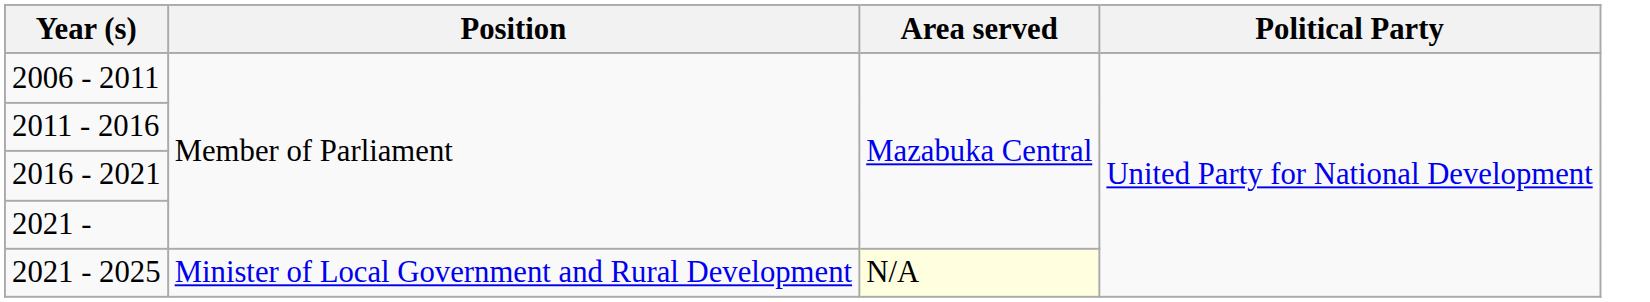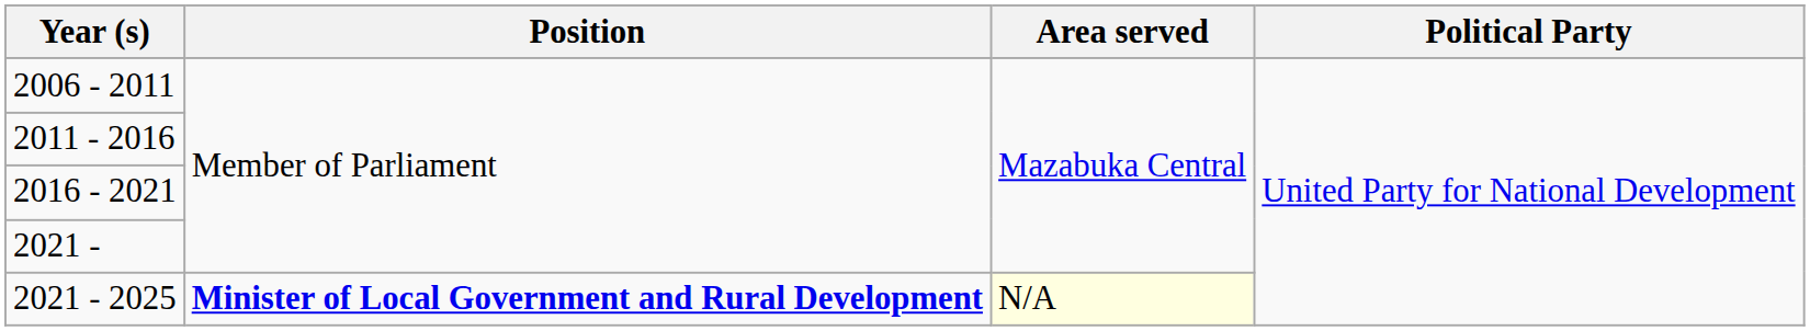 <table class="wikitable">
 <tr>
 <th>Year (s)</th>
 <th>Position</th>
 <th>Area served</th>
 <th>Political Party</th>
 </tr>
 <tr>
 <td>2006 - 2011</td>
 <td rowspan="4">Member of Parliament</td>
 <td rowspan="4"><a href='#'>Mazabuka Central</a></td>
 <td rowspan="5"><a href='#'>United Party for National Development</a></td>
 </tr>
 <tr>
 <td>2011 - 2016</td>
 </tr>
 <tr>
 <td>2016 - 2021</td>
 </tr>
 <tr>
 <td>2021 -</td>
 </tr>
 <tr>
 <td>2021 - 2025</td>
-<td><a href='#'>Minister of Local Government and Rural Development</a></td>
+<td><strong><a href='#'>Minister of Local Government and Rural Development</a></strong></td>
 <td style="background: lightyellow;">N/A</td>
 </tr>
 </table>
